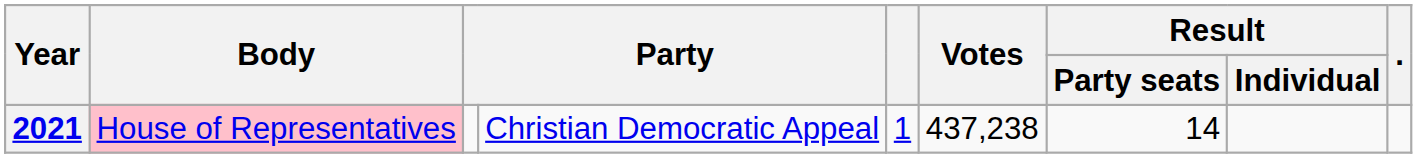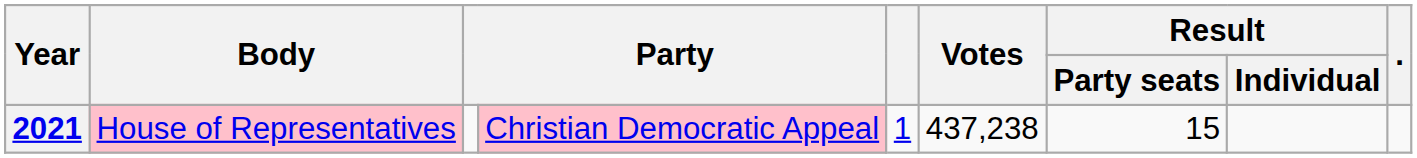 <table class="wikitable plainrowheaders sortable" border=2 cellpadding=4 cellspacing=0 style="border: 1px #aaa solid; font-size: 90%; text-align:center;">
 <tr>
 <th scope="col" rowspan=2>Year</th>
 <th scope="col" rowspan=2>Body</th>
 <th scope="col" colspan=2 rowspan=2>Party</th>
 <th scope="col" rowspan=2></th>
 <th scope="col" rowspan=2>Votes</th>
 <th scope="colgroup" colspan=2>Result</th>
 <th scope="col" rowspan=2 class="unsortable">.</th>
 </tr>
 <tr>
 <th scope="col">Party seats</th>
 <th scope="col">Individual</th>
 </tr>
 <tr>
 <th scope="row"><a href='#'>2021</a></th>
 <td style="background: pink;"><a href='#'>House of Representatives</a></td>
 <td style="background-color:"></td>
-<td><a href='#'>Christian Democratic Appeal</a></td>
+<td style="background: pink;"><a href='#'>Christian Democratic Appeal</a></td>
 <td style=text-align:right><a href='#'>1</a></td>
 <td style=text-align:right>437,238</td>
-<td style=text-align:right>14</td>
+<td style=text-align:right>15</td>
 <td></td>
 <td></td>
 </tr>
 </table>
